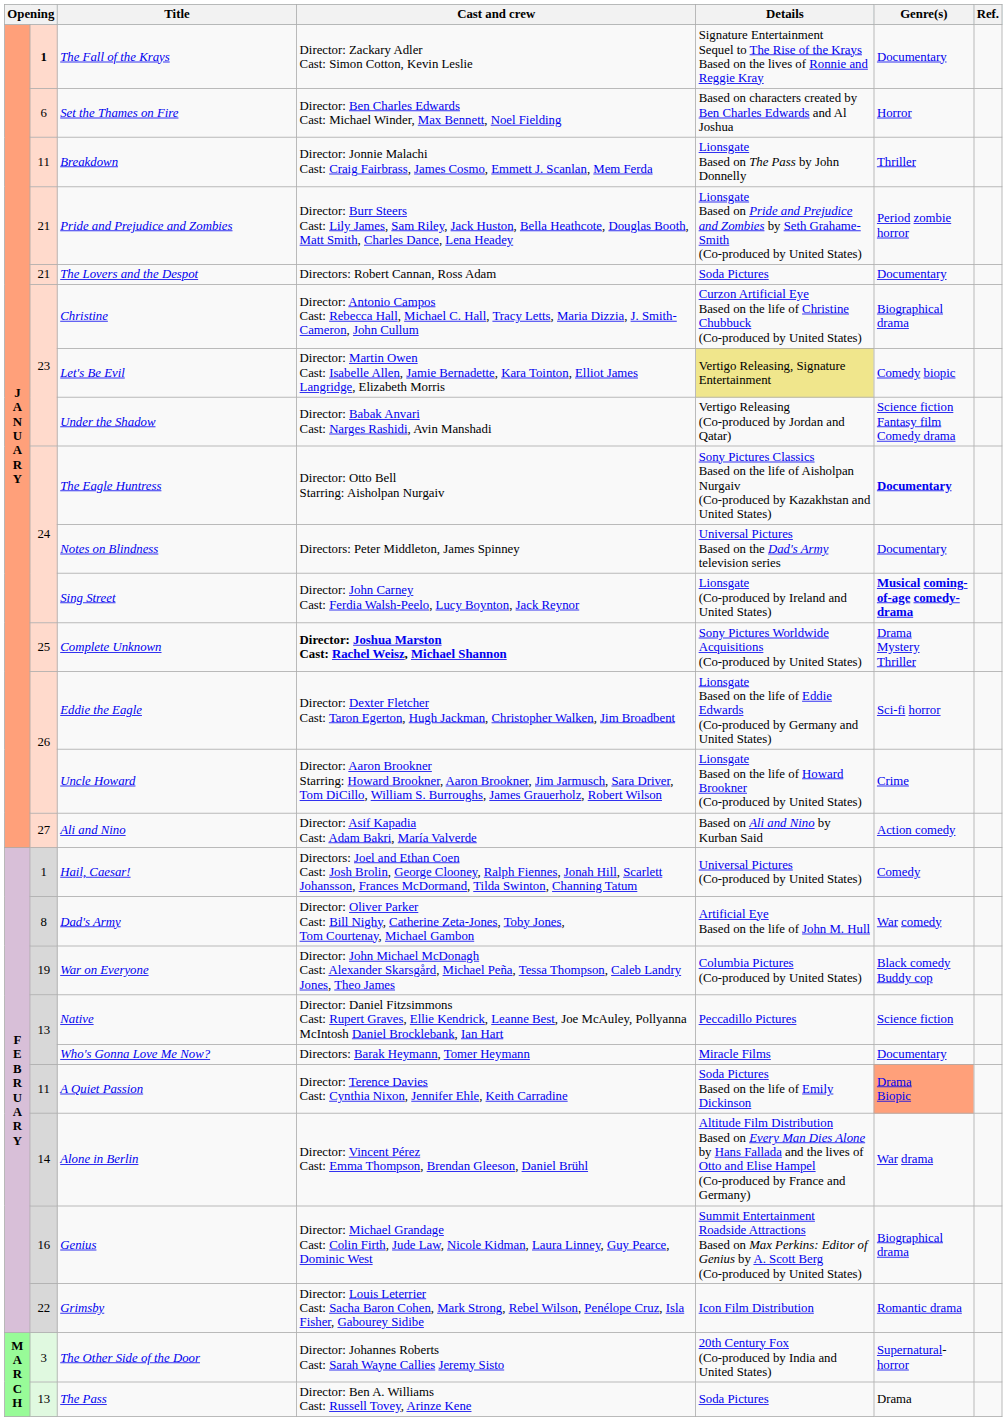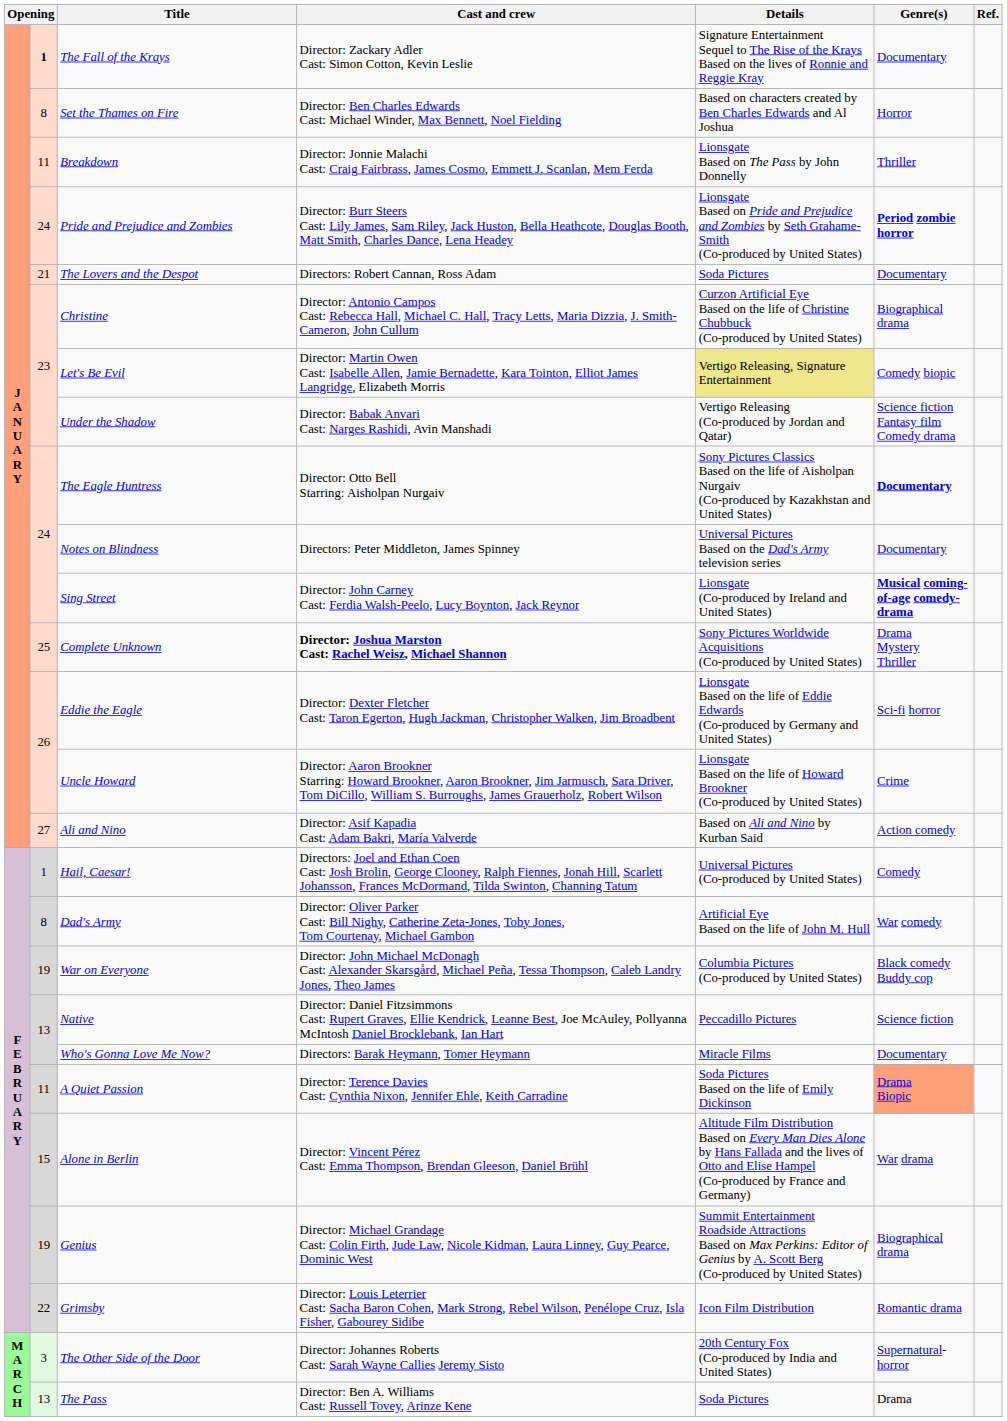 <table class="wikitable">
 <tr style="background:#b0e0e6; text-align:center;">
 <th colspan="2">Opening</th>
 <th style="width:24%;">Title</th>
 <th style="width:40%;">Cast and crew</th>
 <th>Details</th>
 <th style="width:10%;">Genre(s)</th>
 <th style="width:2%;">Ref.</th>
 </tr>
 <tr>
 <th rowspan="15" style="text-align:center; background:#ffa07a; textcolor:#000;">J<br>A<br>N<br>U<br>A<br>R<br>Y</th>
 <td rowspan="1" style="text-align:center; background:#ffdacc;"><strong>1</strong></td>
 <td><em><a href='#'>The Fall of the Krays</a></em></td>
 <td>Director: Zackary Adler <br> Cast: Simon Cotton, Kevin Leslie</td>
 <td>Signature Entertainment <br> Sequel to <a href='#'>The Rise of the Krays</a> <br> Based on the lives of <a href='#'>Ronnie and Reggie Kray</a></td>
 <td><a href='#'>Documentary</a></td>
 <td style="text-align:center"></td>
 </tr>
 <tr>
-<td rowspan="1" style="text-align:center; background:#ffdacc;">6</td>
+<td rowspan="1" style="text-align:center; background:#ffdacc;">8</td>
 <td><em><a href='#'>Set the Thames on Fire</a></em></td>
 <td>Director: <a href='#'>Ben Charles Edwards</a> <br> Cast: Michael Winder, <a href='#'>Max Bennett</a>, <a href='#'>Noel Fielding</a></td>
 <td>Based on characters created by <a href='#'>Ben Charles Edwards</a> and Al Joshua</td>
 <td><a href='#'>Horror</a></td>
 <td style="text-align:center"></td>
 </tr>
 <tr>
 <td rowspan="1" style="text-align:center; background:#ffdacc;">11</td>
 <td><em><a href='#'>Breakdown</a></em></td>
 <td>Director: Jonnie Malachi <br> Cast: <a href='#'>Craig Fairbrass</a>, <a href='#'>James Cosmo</a>, <a href='#'>Emmett J. Scanlan</a>, <a href='#'>Mem Ferda</a></td>
 <td><a href='#'>Lionsgate</a> <br> Based on <em>The Pass</em> by John Donnelly</td>
 <td><a href='#'>Thriller</a></td>
 <td style="text-align:center"></td>
 </tr>
 <tr>
-<td rowspan="1" style="text-align:center; background:#ffdacc;">21</td>
+<td rowspan="1" style="text-align:center; background:#ffdacc;">24</td>
 <td><em><a href='#'>Pride and Prejudice and Zombies</a></em></td>
 <td>Director: <a href='#'>Burr Steers</a> <br> Cast: <a href='#'>Lily James</a>, <a href='#'>Sam Riley</a>, <a href='#'>Jack Huston</a>, <a href='#'>Bella Heathcote</a>, <a href='#'>Douglas Booth</a>, <a href='#'>Matt Smith</a>, <a href='#'>Charles Dance</a>, <a href='#'>Lena Headey</a></td>
 <td><a href='#'>Lionsgate</a> <br> Based on <em><a href='#'>Pride and Prejudice and Zombies</a></em> by <a href='#'>Seth Grahame-Smith</a> <br> (Co-produced by United States)</td>
-<td><a href='#'>Period</a> <a href='#'>zombie</a> <a href='#'>horror</a></td>
+<td><strong><a href='#'>Period</a> <a href='#'>zombie</a> <a href='#'>horror</a></strong></td>
 <td style="text-align:center"></td>
 </tr>
 <tr>
 <td rowspan="1" style="text-align:center; background:#ffdacc;">21</td>
 <td><em><a href='#'>The Lovers and the Despot</a></em></td>
 <td>Directors: Robert Cannan, Ross Adam</td>
 <td><a href='#'>Soda Pictures</a></td>
 <td><a href='#'>Documentary</a></td>
 <td style="text-align:center"></td>
 </tr>
 <tr>
 <td rowspan="3" style="text-align:center; background:#ffdacc;">23</td>
 <td><em><a href='#'>Christine</a></em></td>
 <td>Director: <a href='#'>Antonio Campos</a> <br> Cast: <a href='#'>Rebecca Hall</a>, <a href='#'>Michael C. Hall</a>, <a href='#'>Tracy Letts</a>, <a href='#'>Maria Dizzia</a>, <a href='#'>J. Smith-Cameron</a>, <a href='#'>John Cullum</a></td>
 <td><a href='#'>Curzon Artificial Eye</a> <br> Based on the life of <a href='#'>Christine Chubbuck</a> <br> (Co-produced by United States)</td>
 <td><a href='#'>Biographical</a> <a href='#'>drama</a></td>
 <td style="text-align:center"></td>
 </tr>
 <tr>
 <td><em><a href='#'>Let's Be Evil</a></em></td>
 <td>Director: <a href='#'>Martin Owen</a> <br> Cast: <a href='#'>Isabelle Allen</a>, <a href='#'>Jamie Bernadette</a>, <a href='#'>Kara Tointon</a>, <a href='#'>Elliot James Langridge</a>, Elizabeth Morris</td>
 <td style="background: khaki;">Vertigo Releasing, Signature Entertainment</td>
 <td><a href='#'>Comedy</a> <a href='#'>biopic</a></td>
 <td style="text-align:center"></td>
 </tr>
 <tr>
 <td><em><a href='#'>Under the Shadow</a></em></td>
 <td>Director: <a href='#'>Babak Anvari</a> <br> Cast: <a href='#'>Narges Rashidi</a>, Avin Manshadi</td>
 <td>Vertigo Releasing <br> (Co-produced by Jordan and Qatar)</td>
 <td><a href='#'>Science fiction</a> <a href='#'>Fantasy film</a> <br> <a href='#'>Comedy drama</a></td>
 <td style="text-align:center"></td>
 </tr>
 <tr>
 <td rowspan="3" style="text-align:center; background:#ffdacc;">24</td>
 <td><em><a href='#'>The Eagle Huntress</a></em></td>
 <td>Director:  Otto Bell <br> Starring: Aisholpan Nurgaiv</td>
 <td><a href='#'>Sony Pictures Classics</a> <br> Based on the life of Aisholpan Nurgaiv <br> (Co-produced by Kazakhstan and United States)</td>
 <td><strong><a href='#'>Documentary</a></strong></td>
 <td style="text-align:center"></td>
 </tr>
 <tr>
 <td><em><a href='#'>Notes on Blindness</a></em></td>
 <td>Directors: Peter Middleton, James Spinney <br></td>
 <td><a href='#'>Universal Pictures</a> <br> Based on the <em><a href='#'>Dad's Army</a></em> television series</td>
 <td><a href='#'>Documentary</a></td>
 <td style="text-align:center"></td>
 </tr>
 <tr>
 <td><em><a href='#'>Sing Street</a></em></td>
 <td>Director: <a href='#'>John Carney</a> <br> Cast: <a href='#'>Ferdia Walsh-Peelo</a>, <a href='#'>Lucy Boynton</a>, <a href='#'>Jack Reynor</a></td>
 <td><a href='#'>Lionsgate</a> <br> (Co-produced by Ireland and United States)</td>
 <td><strong><a href='#'>Musical</a> <a href='#'>coming-of-age</a> <a href='#'>comedy-drama</a></strong></td>
 <td style="text-align:center"></td>
 </tr>
 <tr>
 <td rowspan="1" style="text-align:center; background:#ffdacc;">25</td>
 <td><em><a href='#'>Complete Unknown</a></em></td>
 <td><strong>Director: <a href='#'>Joshua Marston</a> <br> Cast: <a href='#'>Rachel Weisz</a>, <a href='#'>Michael Shannon</a></strong></td>
 <td><a href='#'>Sony Pictures Worldwide Acquisitions</a> <br> (Co-produced by United States)</td>
 <td><a href='#'>Drama</a> <br> <a href='#'>Mystery</a> <br> <a href='#'>Thriller</a></td>
 <td style="text-align:center"></td>
 </tr>
 <tr>
 <td rowspan="2" style="text-align:center; background:#ffdacc;">26</td>
 <td><em><a href='#'>Eddie the Eagle</a></em></td>
 <td>Director: <a href='#'>Dexter Fletcher</a> <br> Cast: <a href='#'>Taron Egerton</a>, <a href='#'>Hugh Jackman</a>, <a href='#'>Christopher Walken</a>, <a href='#'>Jim Broadbent</a></td>
 <td><a href='#'>Lionsgate</a> <br> Based on the life of <a href='#'>Eddie Edwards</a> <br> (Co-produced by Germany and United States)</td>
 <td><a href='#'>Sci-fi</a> <a href='#'>horror</a></td>
 <td style="text-align:center"></td>
 </tr>
 <tr>
 <td><em><a href='#'>Uncle Howard</a></em></td>
 <td>Director: <a href='#'>Aaron Brookner</a> <br> Starring: <a href='#'>Howard Brookner</a>, <a href='#'>Aaron Brookner</a>, <a href='#'>Jim Jarmusch</a>, <a href='#'>Sara Driver</a>, <a href='#'>Tom DiCillo</a>, <a href='#'>William S. Burroughs</a>, <a href='#'>James Grauerholz</a>, <a href='#'>Robert Wilson</a></td>
 <td><a href='#'>Lionsgate</a> <br> Based on the life of <a href='#'>Howard Brookner</a> <br> (Co-produced by United States)</td>
 <td><a href='#'>Crime</a></td>
 <td style="text-align:center"></td>
 </tr>
 <tr>
 <td rowspan="1" style="text-align:center; background:#ffdacc;">27</td>
 <td><em><a href='#'>Ali and Nino</a></em></td>
 <td>Director: <a href='#'>Asif Kapadia</a> <br> Cast: <a href='#'>Adam Bakri</a>, <a href='#'>María Valverde</a></td>
 <td>Based on <em><a href='#'>Ali and Nino</a></em> by Kurban Said</td>
 <td><a href='#'>Action comedy</a></td>
 <td style="text-align:center"></td>
 </tr>
 <tr>
 <th rowspan="9" style="text-align:center; background:thistle; textcolor:#000;">F<br>E<br>B<br>R<br>U<br>A<br>R<br>Y</th>
 <td rowspan="1" style="text-align:center; background:#d8d8d8;">1</td>
 <td><em><a href='#'>Hail, Caesar!</a></em></td>
 <td>Directors: <a href='#'>Joel and Ethan Coen</a> <br> Cast: <a href='#'>Josh Brolin</a>, <a href='#'>George Clooney</a>, <a href='#'>Ralph Fiennes</a>, <a href='#'>Jonah Hill</a>, <a href='#'>Scarlett Johansson</a>, <a href='#'>Frances McDormand</a>, <a href='#'>Tilda Swinton</a>, <a href='#'>Channing Tatum</a></td>
 <td><a href='#'>Universal Pictures</a> <br> (Co-produced by United States)</td>
 <td><a href='#'>Comedy</a></td>
 <td style="text-align:center"></td>
 </tr>
 <tr>
 <td rowspan="1" style="text-align:center; background:#d8d8d8;">8</td>
 <td><em><a href='#'>Dad's Army</a></em></td>
 <td>Director: <a href='#'>Oliver Parker</a> <br> Cast: <a href='#'>Bill Nighy</a>, <a href='#'>Catherine Zeta-Jones</a>, <a href='#'>Toby Jones</a>, <br> <a href='#'>Tom Courtenay</a>, <a href='#'>Michael Gambon</a></td>
 <td><a href='#'>Artificial Eye</a> <br> Based on the life of <a href='#'>John M. Hull</a></td>
 <td><a href='#'>War</a> <a href='#'>comedy</a></td>
 <td style="text-align:center"></td>
 </tr>
 <tr>
 <td rowspan="1" style="text-align:center; background:#d8d8d8;">19</td>
 <td><em><a href='#'>War on Everyone</a></em></td>
 <td>Director: <a href='#'>John Michael McDonagh</a> <br> Cast: <a href='#'>Alexander Skarsgård</a>, <a href='#'>Michael Peña</a>, <a href='#'>Tessa Thompson</a>, <a href='#'>Caleb Landry Jones</a>, <a href='#'>Theo James</a></td>
 <td><a href='#'>Columbia Pictures</a> <br> (Co-produced by United States)</td>
 <td><a href='#'>Black comedy</a> <br> <a href='#'>Buddy cop</a></td>
 <td style="text-align:center"></td>
 </tr>
 <tr>
 <td rowspan="2" style="text-align:center; background:#d8d8d8;">13</td>
 <td><em><a href='#'>Native</a></em></td>
 <td>Director: Daniel Fitzsimmons <br> Cast: <a href='#'>Rupert Graves</a>, <a href='#'>Ellie Kendrick</a>, <a href='#'>Leanne Best</a>, Joe McAuley, Pollyanna McIntosh <a href='#'>Daniel Brocklebank</a>, <a href='#'>Ian Hart</a></td>
 <td><a href='#'>Peccadillo Pictures</a></td>
 <td><a href='#'>Science fiction</a></td>
 <td style="text-align:center"></td>
 </tr>
 <tr>
 <td><em><a href='#'>Who's Gonna Love Me Now?</a></em></td>
 <td>Directors: <a href='#'>Barak Heymann</a>, <a href='#'>Tomer Heymann</a></td>
 <td><a href='#'>Miracle Films</a></td>
 <td><a href='#'>Documentary</a></td>
 <td style="text-align:center"></td>
 </tr>
 <tr>
 <td rowspan="1" style="text-align:center; background:#d8d8d8;">11</td>
 <td><em><a href='#'>A Quiet Passion</a></em></td>
 <td>Director: <a href='#'>Terence Davies</a> <br> Cast: <a href='#'>Cynthia Nixon</a>, <a href='#'>Jennifer Ehle</a>, <a href='#'>Keith Carradine</a></td>
 <td><a href='#'>Soda Pictures</a> <br> Based on the life of <a href='#'>Emily Dickinson</a></td>
 <td style="background: lightsalmon;"><a href='#'>Drama</a> <br> <a href='#'>Biopic</a></td>
 <td style="text-align:center"></td>
 </tr>
 <tr>
-<td rowspan="1" style="text-align:center; background:#d8d8d8;">14</td>
+<td rowspan="1" style="text-align:center; background:#d8d8d8;">15</td>
 <td><em><a href='#'>Alone in Berlin</a></em></td>
 <td>Director: <a href='#'>Vincent Pérez</a> <br> Cast: <a href='#'>Emma Thompson</a>, <a href='#'>Brendan Gleeson</a>, <a href='#'>Daniel Brühl</a></td>
 <td><a href='#'>Altitude Film Distribution</a> <br> Based on <em><a href='#'>Every Man Dies Alone</a></em> by <a href='#'>Hans Fallada</a> and the lives of <a href='#'>Otto and Elise Hampel</a> <br> (Co-produced by France and Germany)</td>
 <td><a href='#'>War</a> <a href='#'>drama</a></td>
 <td style="text-align:center"></td>
 </tr>
 <tr>
-<td rowspan="1" style="text-align:center; background:#d8d8d8;">16</td>
+<td rowspan="1" style="text-align:center; background:#d8d8d8;">19</td>
 <td><em><a href='#'>Genius</a></em></td>
 <td>Director: <a href='#'>Michael Grandage</a> <br> Cast: <a href='#'>Colin Firth</a>, <a href='#'>Jude Law</a>, <a href='#'>Nicole Kidman</a>, <a href='#'>Laura Linney</a>, <a href='#'>Guy Pearce</a>, <a href='#'>Dominic West</a></td>
 <td><a href='#'>Summit Entertainment</a> <br> <a href='#'>Roadside Attractions</a> <br> Based on <em>Max Perkins: Editor of Genius</em> by <a href='#'>A. Scott Berg</a> <br> (Co-produced by United States)</td>
 <td><a href='#'>Biographical</a> <a href='#'>drama</a></td>
 <td style="text-align:center"></td>
 </tr>
 <tr>
 <td rowspan="1" style="text-align:center; background:#d8d8d8;">22</td>
 <td><em><a href='#'>Grimsby</a></em></td>
 <td>Director: <a href='#'>Louis Leterrier</a> <br> Cast: <a href='#'>Sacha Baron Cohen</a>, <a href='#'>Mark Strong</a>, <a href='#'>Rebel Wilson</a>, <a href='#'>Penélope Cruz</a>, <a href='#'>Isla Fisher</a>, <a href='#'>Gabourey Sidibe</a></td>
 <td><a href='#'>Icon Film Distribution</a></td>
 <td><a href='#'>Romantic drama</a></td>
 <td style="text-align:center"></td>
 </tr>
 <tr>
 <th rowspan="2" style="text-align:center; background:#98fb98; textcolor:#000;">M<br>A<br>R<br>C<br>H</th>
 <td rowspan="1" style="text-align:center; background:#e0f9e0;">3</td>
 <td><em><a href='#'>The Other Side of the Door</a></em></td>
 <td>Director: Johannes Roberts <br> Cast: <a href='#'>Sarah Wayne Callies</a> <a href='#'>Jeremy Sisto</a></td>
 <td><a href='#'>20th Century Fox</a> <br> (Co-produced by India and United States)</td>
 <td><a href='#'>Supernatural</a>-<a href='#'>horror</a></td>
 <td style="text-align:center"></td>
 </tr>
 <tr>
 <td rowspan="1" style="text-align:center; background:#e0f9e0;">13</td>
 <td><em><a href='#'>The Pass</a></em></td>
 <td>Director:  Ben A. Williams <br> Cast: <a href='#'>Russell Tovey</a>, <a href='#'>Arinze Kene</a></td>
 <td><a href='#'>Soda Pictures</a></td>
 <td>Drama</td>
 <td style="text-align:center"></td>
 </tr>
 </table>
